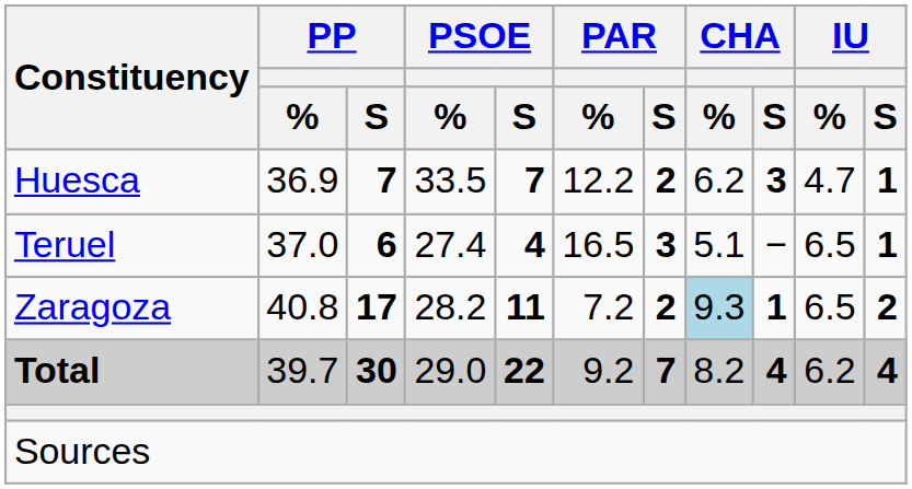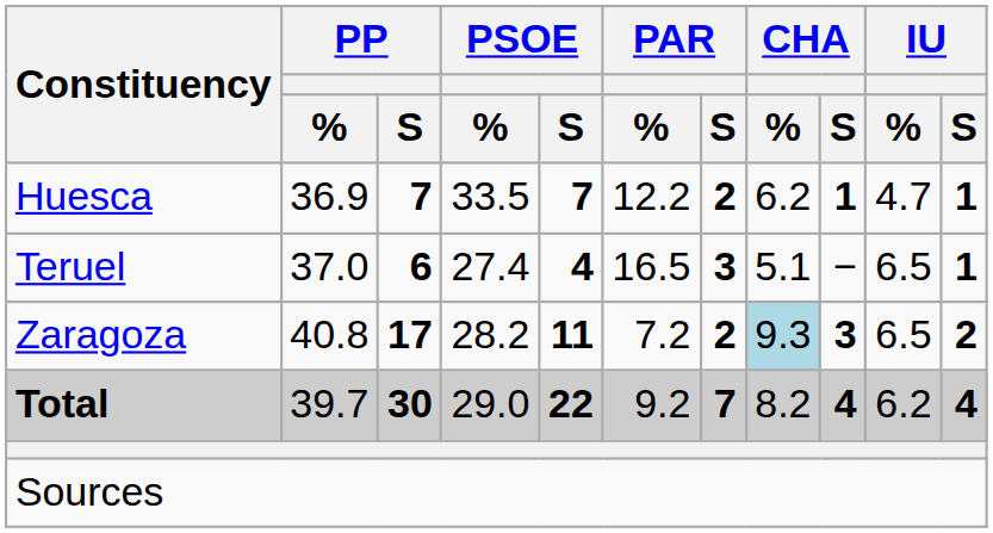 <table class="wikitable sortable" style="text-align:right; line-height:20px;">
 <tr>
 <th rowspan="3">Constituency</th>
 <th colspan="2" width="30px" class="unsortable"><a href='#'>PP</a></th>
 <th colspan="2" width="30px" class="unsortable"><a href='#'>PSOE</a></th>
 <th colspan="2" width="30px" class="unsortable"><a href='#'>PAR</a></th>
 <th colspan="2" width="30px" class="unsortable"><a href='#'>CHA</a></th>
 <th colspan="2" width="30px" class="unsortable"><a href='#'>IU</a></th>
 </tr>
 <tr>
 <th colspan="2" style="background:"></th>
 <th colspan="2" style="background:"></th>
 <th colspan="2" style="background:"></th>
 <th colspan="2" style="background:"></th>
 <th colspan="2" style="background:"></th>
 </tr>
 <tr>
 <th data-sort-type="number">%</th>
 <th data-sort-type="number">S</th>
 <th data-sort-type="number">%</th>
 <th data-sort-type="number">S</th>
 <th data-sort-type="number">%</th>
 <th data-sort-type="number">S</th>
 <th data-sort-type="number">%</th>
 <th data-sort-type="number">S</th>
 <th data-sort-type="number">%</th>
 <th data-sort-type="number">S</th>
 </tr>
 <tr>
 <td align="left"><a href='#'>Huesca</a></td>
 <td style="background:">36.9</td>
 <td><strong>7</strong></td>
 <td>33.5</td>
 <td><strong>7</strong></td>
 <td>12.2</td>
 <td><strong>2</strong></td>
 <td>6.2</td>
-<td><strong>3</strong></td>
+<td><strong>1</strong></td>
 <td>4.7</td>
 <td><strong>1</strong></td>
 </tr>
 <tr>
 <td align="left"><a href='#'>Teruel</a></td>
 <td style="background:">37.0</td>
 <td><strong>6</strong></td>
 <td>27.4</td>
 <td><strong>4</strong></td>
 <td>16.5</td>
 <td><strong>3</strong></td>
 <td>5.1</td>
 <td>−</td>
 <td>6.5</td>
 <td><strong>1</strong></td>
 </tr>
 <tr>
 <td align="left"><a href='#'>Zaragoza</a></td>
 <td style="background:">40.8</td>
 <td><strong>17</strong></td>
 <td>28.2</td>
 <td><strong>11</strong></td>
 <td>7.2</td>
 <td><strong>2</strong></td>
 <td style="background: lightblue;">9.3</td>
-<td><strong>1</strong></td>
+<td><strong>3</strong></td>
 <td>6.5</td>
 <td><strong>2</strong></td>
 </tr>
 <tr style="background:#CDCDCD;">
 <td align="left"><strong>Total</strong></td>
 <td style="background:">39.7</td>
 <td><strong>30</strong></td>
 <td>29.0</td>
 <td><strong>22</strong></td>
 <td>9.2</td>
 <td><strong>7</strong></td>
 <td>8.2</td>
 <td><strong>4</strong></td>
 <td>6.2</td>
 <td><strong>4</strong></td>
 </tr>
 <tr>
 <th colspan="11"></th>
 </tr>
 <tr>
 <th style="text-align:left; font-weight:normal; background:#F9F9F9" colspan="11">Sources</th>
 </tr>
 </table>
